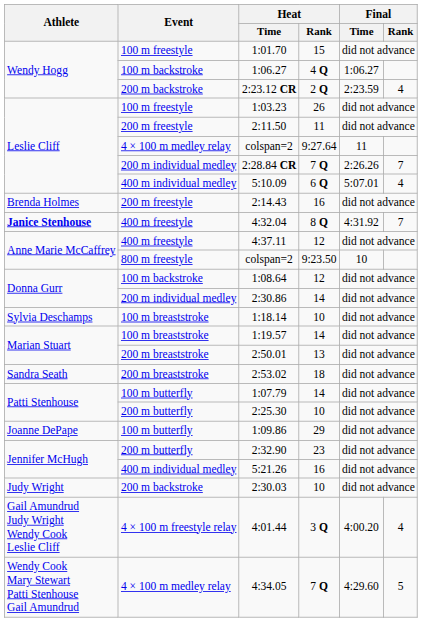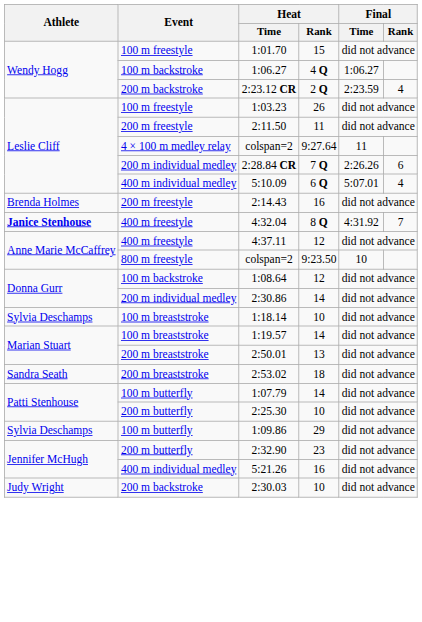 <table class="wikitable" style="text-align:center; font-size:90%">
 <tr>
 <th rowspan="2">Athlete</th>
 <th rowspan="2">Event</th>
 <th colspan="2">Heat</th>
 <th colspan="2">Final</th>
 </tr>
 <tr style="font-size:95%">
 <th>Time</th>
 <th>Rank</th>
 <th>Time</th>
 <th>Rank</th>
 </tr>
 <tr>
 <td align=left rowspan=3><a href='#'>Wendy Hogg</a></td>
 <td align=left><a href='#'>100 m freestyle</a></td>
 <td>1:01.70</td>
 <td>15</td>
 <td colspan=2>did not advance</td>
 </tr>
 <tr>
 <td align=left><a href='#'>100 m backstroke</a></td>
 <td>1:06.27</td>
 <td>4 <strong>Q</strong></td>
 <td>1:06.27</td>
 <td></td>
 </tr>
 <tr>
 <td align=left><a href='#'>200 m backstroke</a></td>
 <td>2:23.12 <strong>CR</strong></td>
 <td>2 <strong>Q</strong></td>
 <td>2:23.59</td>
 <td>4</td>
 </tr>
 <tr>
 <td align=left rowspan=5><a href='#'>Leslie Cliff</a></td>
 <td align=left><a href='#'>100 m freestyle</a></td>
 <td>1:03.23</td>
 <td>26</td>
 <td colspan=2>did not advance</td>
 </tr>
 <tr>
 <td align=left><a href='#'>200 m freestyle</a></td>
 <td>2:11.50</td>
 <td>11</td>
 <td colspan=2>did not advance</td>
 </tr>
 <tr>
 <td align=left><a href='#'>4 × 100 m medley relay</a></td>
 <td>colspan=2 </td>
 <td>9:27.64</td>
 <td>11</td>
 </tr>
 <tr>
 <td align=left><a href='#'>200 m individual medley</a></td>
 <td>2:28.84 <strong>CR</strong></td>
 <td>7 <strong>Q</strong></td>
 <td>2:26.26</td>
-<td>7</td>
+<td>6</td>
 </tr>
 <tr>
 <td align=left><a href='#'>400 m individual medley</a></td>
 <td>5:10.09</td>
 <td>6 <strong>Q</strong></td>
 <td>5:07.01</td>
 <td>4</td>
 </tr>
 <tr>
 <td align=left><a href='#'>Brenda Holmes</a></td>
 <td align=left><a href='#'>200 m freestyle</a></td>
 <td>2:14.43</td>
 <td>16</td>
 <td colspan=2>did not advance</td>
 </tr>
 <tr>
 <td align=left><strong><a href='#'>Janice Stenhouse</a></strong></td>
 <td align=left><a href='#'>400 m freestyle</a></td>
 <td>4:32.04</td>
 <td>8 <strong>Q</strong></td>
 <td>4:31.92</td>
 <td>7</td>
 </tr>
 <tr>
 <td align=left rowspan=2><a href='#'>Anne Marie McCaffrey</a></td>
 <td align=left><a href='#'>400 m freestyle</a></td>
 <td>4:37.11</td>
 <td>12</td>
 <td colspan=2>did not advance</td>
 </tr>
 <tr>
 <td align=left><a href='#'>800 m freestyle</a></td>
 <td>colspan=2 </td>
 <td>9:23.50</td>
 <td>10</td>
 </tr>
 <tr>
 <td align=left rowspan=2><a href='#'>Donna Gurr</a></td>
 <td align=left><a href='#'>100 m backstroke</a></td>
 <td>1:08.64</td>
 <td>12</td>
 <td colspan=2>did not advance</td>
 </tr>
 <tr>
 <td align=left><a href='#'>200 m individual medley</a></td>
 <td>2:30.86</td>
 <td>14</td>
 <td colspan=2>did not advance</td>
 </tr>
 <tr>
 <td align=left><a href='#'>Sylvia Deschamps</a></td>
 <td align=left><a href='#'>100 m breaststroke</a></td>
 <td>1:18.14</td>
 <td>10</td>
 <td colspan=2>did not advance</td>
 </tr>
 <tr>
 <td align=left rowspan=2><a href='#'>Marian Stuart</a></td>
 <td align=left><a href='#'>100 m breaststroke</a></td>
 <td>1:19.57</td>
 <td>14</td>
 <td colspan=2>did not advance</td>
 </tr>
 <tr>
 <td align=left><a href='#'>200 m breaststroke</a></td>
 <td>2:50.01</td>
 <td>13</td>
 <td colspan=2>did not advance</td>
 </tr>
 <tr>
 <td align=left><a href='#'>Sandra Seath</a></td>
 <td align=left><a href='#'>200 m breaststroke</a></td>
 <td>2:53.02</td>
 <td>18</td>
 <td colspan=2>did not advance</td>
 </tr>
 <tr>
 <td align=left rowspan=2><a href='#'>Patti Stenhouse</a></td>
 <td align=left><a href='#'>100 m butterfly</a></td>
 <td>1:07.79</td>
 <td>14</td>
 <td colspan=2>did not advance</td>
 </tr>
 <tr>
 <td align=left><a href='#'>200 m butterfly</a></td>
 <td>2:25.30</td>
 <td>10</td>
 <td colspan=2>did not advance</td>
 </tr>
 <tr>
-<td align=left><a href='#'>Joanne DePape</a></td>
+<td align=left><a href='#'>Sylvia Deschamps</a></td>
 <td align=left><a href='#'>100 m butterfly</a></td>
 <td>1:09.86</td>
 <td>29</td>
 <td colspan=2>did not advance</td>
 </tr>
 <tr>
 <td align=left rowspan=2><a href='#'>Jennifer McHugh</a></td>
 <td align=left><a href='#'>200 m butterfly</a></td>
 <td>2:32.90</td>
 <td>23</td>
 <td colspan=2>did not advance</td>
 </tr>
 <tr>
 <td align=left><a href='#'>400 m individual medley</a></td>
 <td>5:21.26</td>
 <td>16</td>
 <td colspan=2>did not advance</td>
 </tr>
 <tr>
 <td align=left><a href='#'>Judy Wright</a></td>
 <td align=left><a href='#'>200 m backstroke</a></td>
 <td>2:30.03</td>
 <td>10</td>
 <td colspan=2>did not advance</td>
 </tr>
-<tr>
-<td align=left><a href='#'>Gail Amundrud</a><br><a href='#'>Judy Wright</a><br><a href='#'>Wendy Cook</a><br><a href='#'>Leslie Cliff</a></td>
-<td align=left><a href='#'>4 × 100 m freestyle relay</a></td>
-<td>4:01.44</td>
-<td>3 <strong>Q</strong></td>
-<td>4:00.20</td>
-<td>4</td>
-</tr>
-<tr>
-<td align=left><a href='#'>Wendy Cook</a><br><a href='#'>Mary Stewart</a><br><a href='#'>Patti Stenhouse</a><br><a href='#'>Gail Amundrud</a></td>
-<td align=left><a href='#'>4 × 100 m medley relay</a></td>
-<td>4:34.05</td>
-<td>7 <strong>Q</strong></td>
-<td>4:29.60</td>
-<td>5</td>
-</tr>
 </table>
